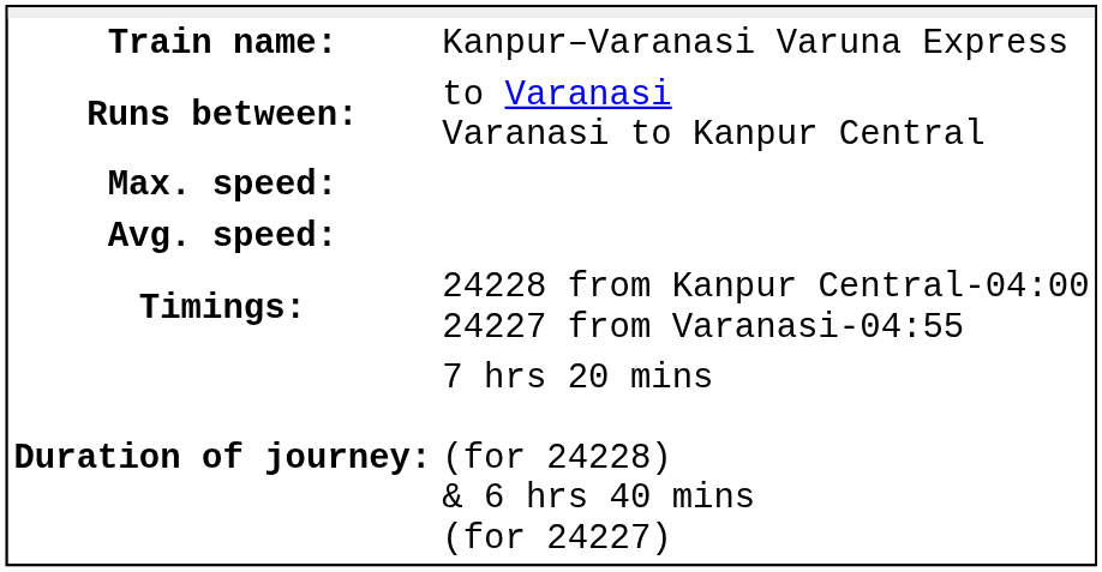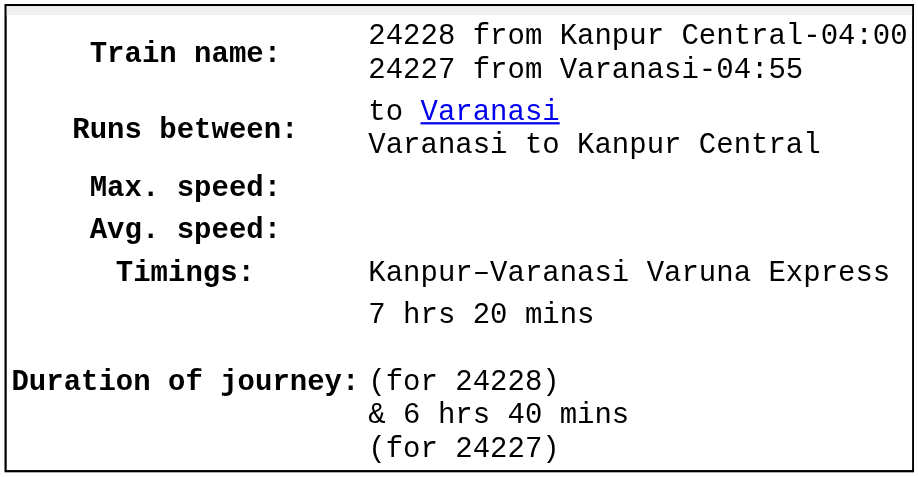 <table align="right" cellpadding="2" cellspacing="0" style="border: 1px solid; margin-left: 1em">
 <tr>
 <th bgcolor="#efefef" colspan="2"></th>
 </tr>
 <tr>
 <th>Train name:</th>
-<td>Kanpur–Varanasi Varuna Express</td>
+<td>24228 from Kanpur Central-04:00<br>24227 from Varanasi-04:55<br></td>
 </tr>
 <tr>
 <th>Runs between:</th>
 <td> to <a href='#'>Varanasi</a><br>Varanasi to Kanpur Central</td>
 </tr>
 <tr>
 <th>Max. speed:</th>
 <td></td>
 </tr>
 <tr>
 <th>Avg. speed:</th>
 <td></td>
 </tr>
 <tr>
 <th>Timings:</th>
-<td>24228 from Kanpur Central-04:00<br>24227 from Varanasi-04:55<br></td>
+<td>Kanpur–Varanasi Varuna Express</td>
 </tr>
 <tr>
 <th>Duration of journey:</th>
 <td>7 hrs 20 mins<br><br>(for 24228)<br> & 6 hrs 40 mins<br> (for 24227)<br></td>
 </tr>
 </table>
